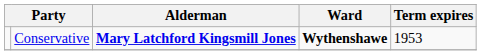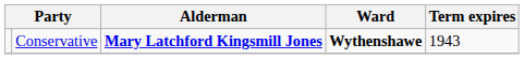 <table class="wikitable">
 <tr>
 <th colspan="2">Party</th>
 <th>Alderman</th>
 <th>Ward</th>
 <th>Term expires</th>
 </tr>
 <tr>
 <td style="background-color:"></td>
 <td><a href='#'>Conservative</a></td>
 <td><strong><a href='#'>Mary Latchford Kingsmill Jones</a></strong></td>
 <td><strong>Wythenshawe</strong></td>
-<td>1953</td>
+<td>1943</td>
 </tr>
 <tr>
 </tr>
 </table>
